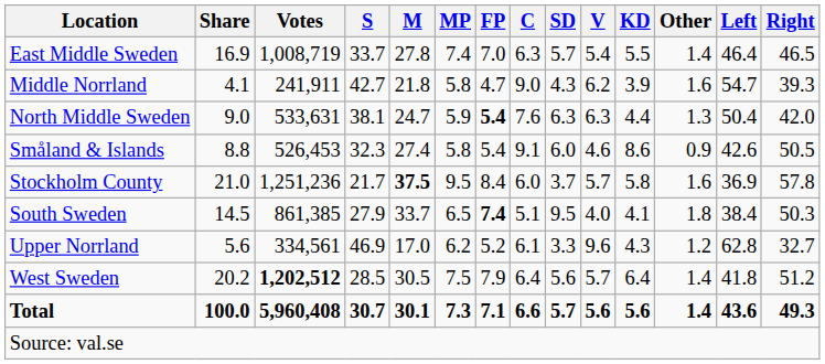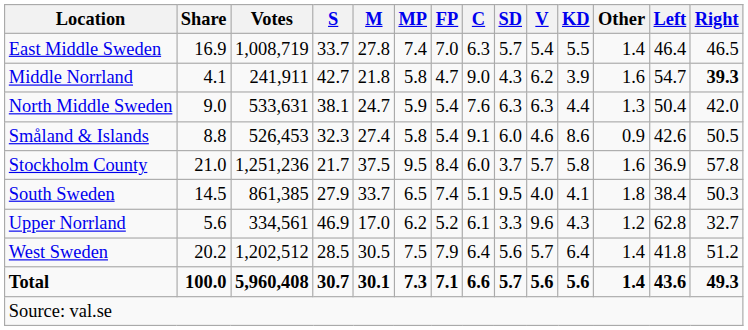 <table class="wikitable sortable" style=text-align:right>
 <tr>
 <th>Location</th>
 <th>Share</th>
 <th>Votes</th>
 <th><a href='#'>S</a></th>
 <th><a href='#'>M</a></th>
 <th><a href='#'>MP</a></th>
 <th><a href='#'>FP</a></th>
 <th><a href='#'>C</a></th>
 <th><a href='#'>SD</a></th>
 <th><a href='#'>V</a></th>
 <th><a href='#'>KD</a></th>
 <th>Other</th>
 <th><a href='#'>Left</a></th>
 <th><a href='#'>Right</a></th>
 </tr>
 <tr>
 <td align=left><a href='#'>East Middle Sweden</a></td>
 <td>16.9</td>
 <td>1,008,719</td>
 <td>33.7</td>
 <td>27.8</td>
 <td>7.4</td>
 <td>7.0</td>
 <td>6.3</td>
 <td>5.7</td>
 <td>5.4</td>
 <td>5.5</td>
 <td>1.4</td>
 <td>46.4</td>
 <td>46.5</td>
 </tr>
 <tr>
 <td align=left><a href='#'>Middle Norrland</a></td>
 <td>4.1</td>
 <td>241,911</td>
 <td>42.7</td>
 <td>21.8</td>
 <td>5.8</td>
 <td>4.7</td>
 <td>9.0</td>
 <td>4.3</td>
 <td>6.2</td>
 <td>3.9</td>
 <td>1.6</td>
 <td>54.7</td>
-<td>39.3</td>
+<td><strong>39.3</strong></td>
 </tr>
 <tr>
 <td align=left><a href='#'>North Middle Sweden</a></td>
 <td>9.0</td>
 <td>533,631</td>
 <td>38.1</td>
 <td>24.7</td>
 <td>5.9</td>
-<td><strong>5.4</strong></td>
+<td>5.4</td>
 <td>7.6</td>
 <td>6.3</td>
 <td>6.3</td>
 <td>4.4</td>
 <td>1.3</td>
 <td>50.4</td>
 <td>42.0</td>
 </tr>
 <tr>
 <td align=left><a href='#'>Småland & Islands</a></td>
 <td>8.8</td>
 <td>526,453</td>
 <td>32.3</td>
 <td>27.4</td>
 <td>5.8</td>
 <td>5.4</td>
 <td>9.1</td>
 <td>6.0</td>
 <td>4.6</td>
 <td>8.6</td>
 <td>0.9</td>
 <td>42.6</td>
 <td>50.5</td>
 </tr>
 <tr>
 <td align=left><a href='#'>Stockholm County</a></td>
 <td>21.0</td>
 <td>1,251,236</td>
 <td>21.7</td>
-<td><strong>37.5</strong></td>
+<td>37.5</td>
 <td>9.5</td>
 <td>8.4</td>
 <td>6.0</td>
 <td>3.7</td>
 <td>5.7</td>
 <td>5.8</td>
 <td>1.6</td>
 <td>36.9</td>
 <td>57.8</td>
 </tr>
 <tr>
 <td align=left><a href='#'>South Sweden</a></td>
 <td>14.5</td>
 <td>861,385</td>
 <td>27.9</td>
 <td>33.7</td>
 <td>6.5</td>
-<td><strong>7.4</strong></td>
+<td>7.4</td>
 <td>5.1</td>
 <td>9.5</td>
 <td>4.0</td>
 <td>4.1</td>
 <td>1.8</td>
 <td>38.4</td>
 <td>50.3</td>
 </tr>
 <tr>
 <td align=left><a href='#'>Upper Norrland</a></td>
 <td>5.6</td>
 <td>334,561</td>
 <td>46.9</td>
 <td>17.0</td>
 <td>6.2</td>
 <td>5.2</td>
 <td>6.1</td>
 <td>3.3</td>
 <td>9.6</td>
 <td>4.3</td>
 <td>1.2</td>
 <td>62.8</td>
 <td>32.7</td>
 </tr>
 <tr>
 <td align=left><a href='#'>West Sweden</a></td>
 <td>20.2</td>
-<td><strong>1,202,512</strong></td>
+<td>1,202,512</td>
 <td>28.5</td>
 <td>30.5</td>
 <td>7.5</td>
 <td>7.9</td>
 <td>6.4</td>
 <td>5.6</td>
 <td>5.7</td>
 <td>6.4</td>
 <td>1.4</td>
 <td>41.8</td>
 <td>51.2</td>
 </tr>
 <tr>
 <td align=left><strong>Total</strong></td>
 <td><strong>100.0</strong></td>
 <td><strong>5,960,408</strong></td>
 <td><strong>30.7</strong></td>
 <td><strong>30.1</strong></td>
 <td><strong>7.3</strong></td>
 <td><strong>7.1</strong></td>
 <td><strong>6.6</strong></td>
 <td><strong>5.7</strong></td>
 <td><strong>5.6</strong></td>
 <td><strong>5.6</strong></td>
 <td><strong>1.4</strong></td>
 <td><strong>43.6</strong></td>
 <td><strong>49.3</strong></td>
 </tr>
 <tr>
 <td align=left colspan=14>Source: val.se </td>
 </tr>
 </table>
